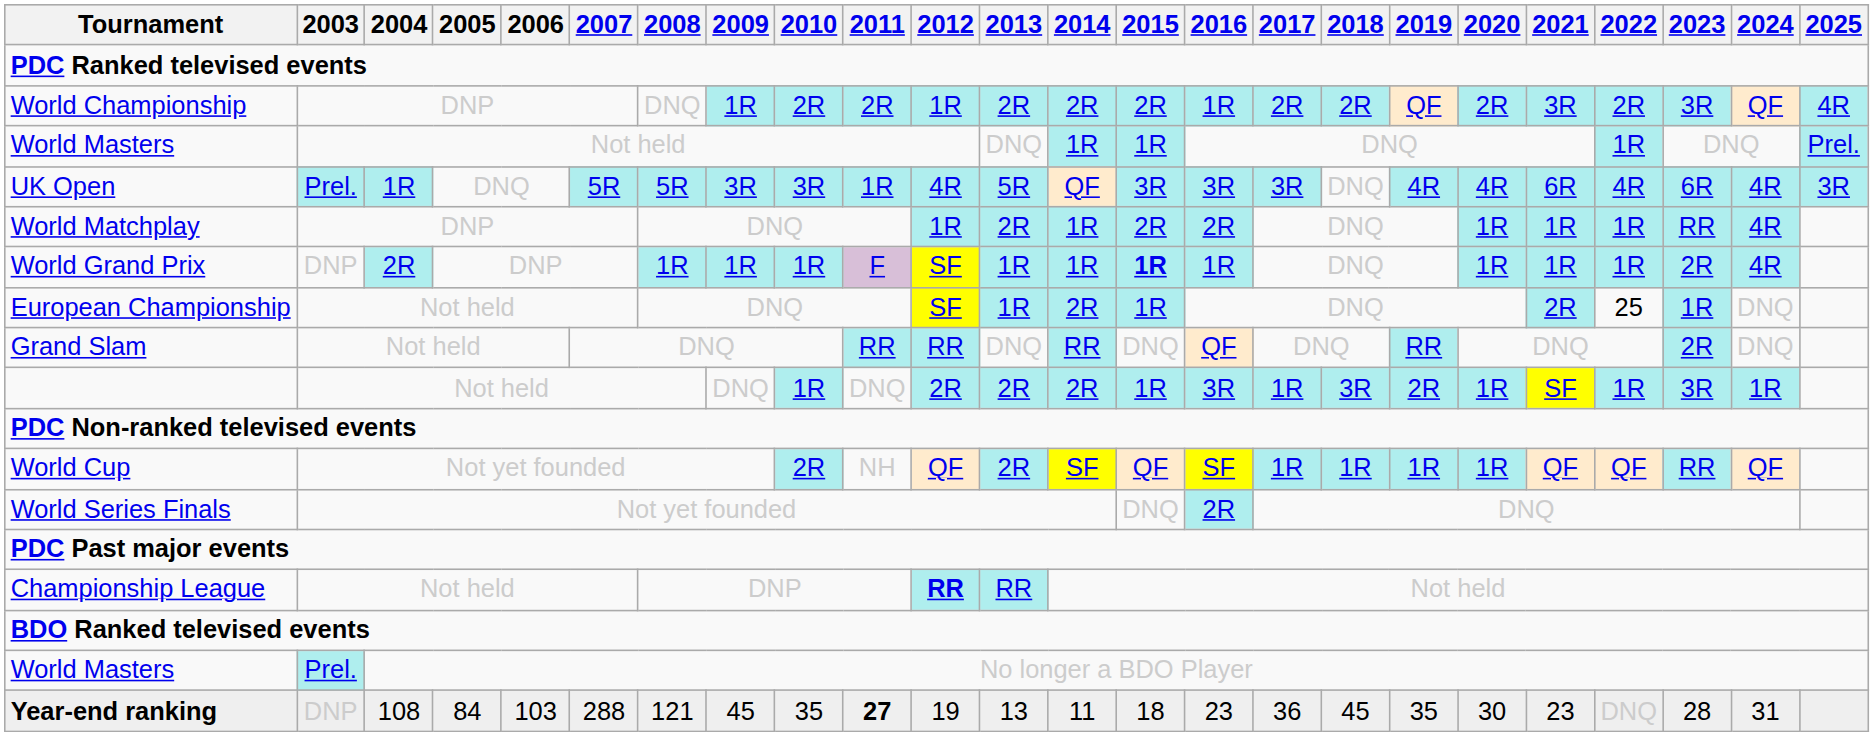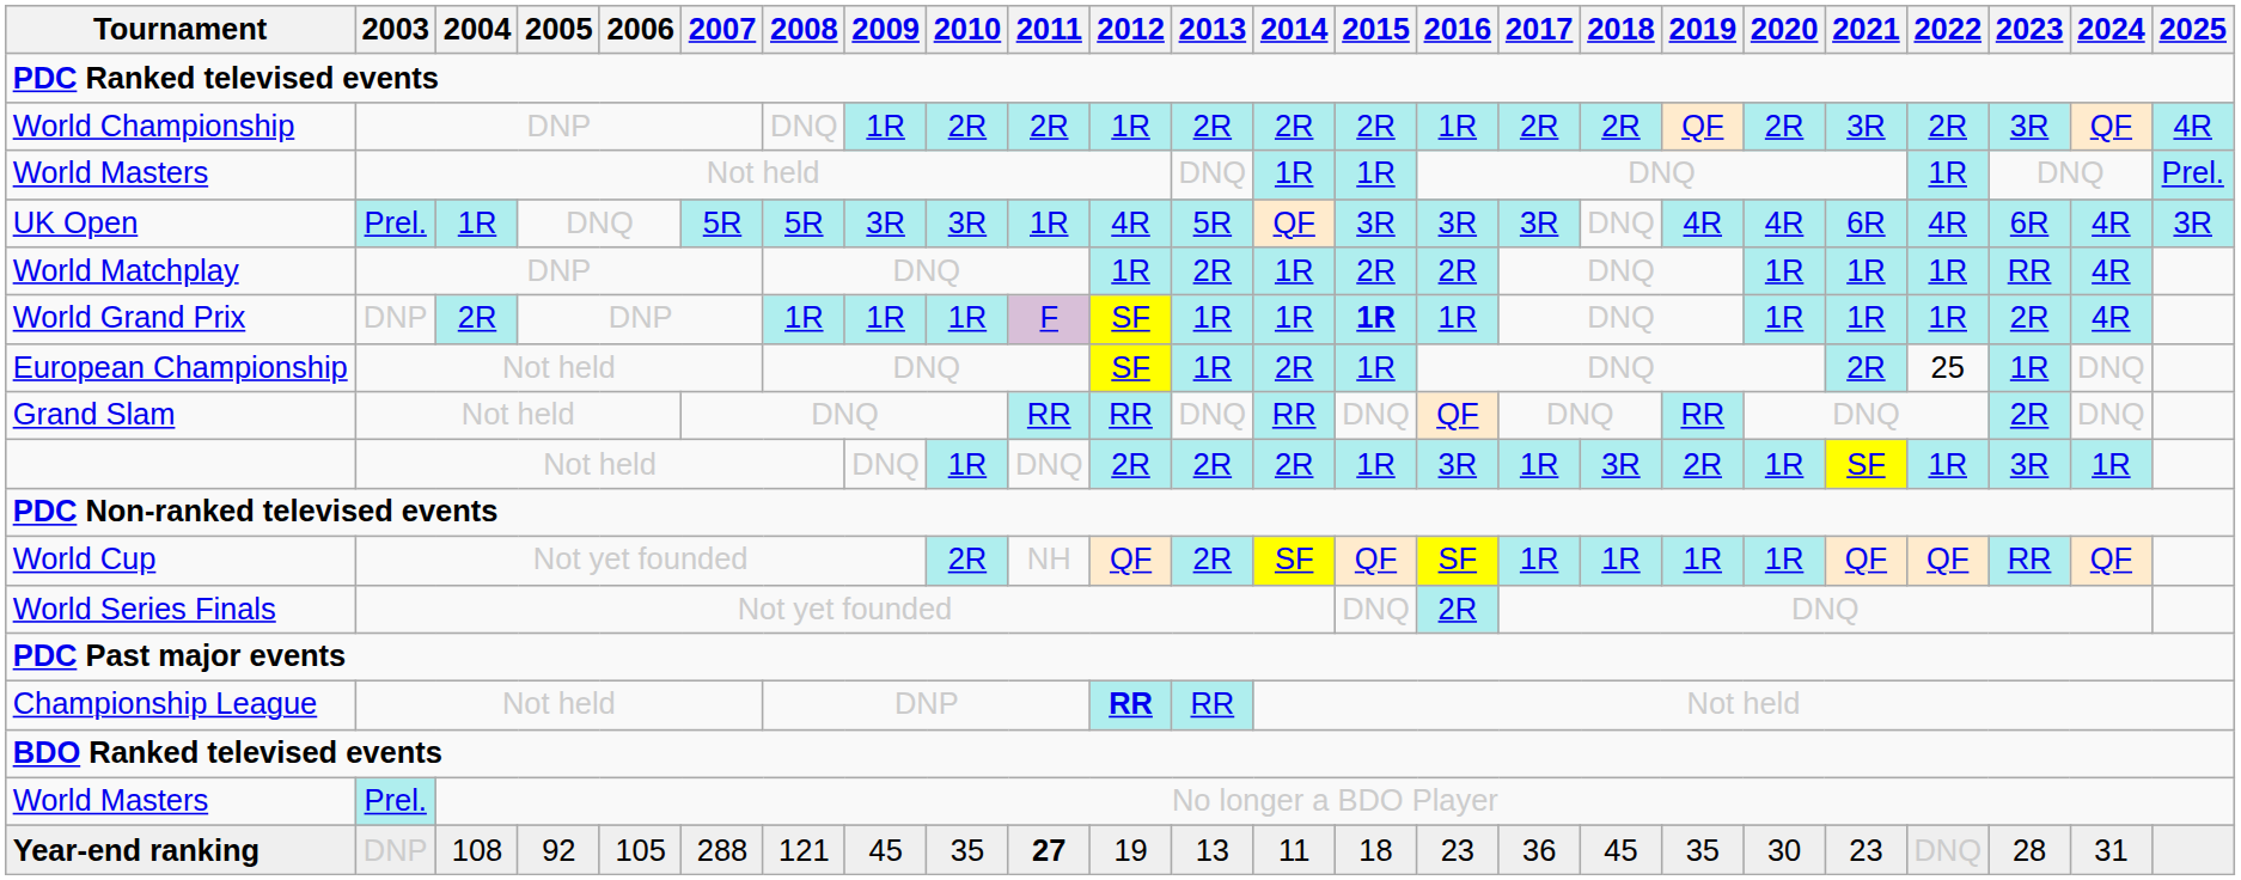 <table class=wikitable style=text-align:center;font-size:100%>
 <tr>
 <th>Tournament</th>
 <th>2003</th>
 <th>2004</th>
 <th>2005</th>
 <th>2006</th>
 <th><a href='#'>2007</a></th>
 <th><a href='#'>2008</a></th>
 <th><a href='#'>2009</a></th>
 <th><a href='#'>2010</a></th>
 <th><a href='#'>2011</a></th>
 <th><a href='#'>2012</a></th>
 <th><a href='#'>2013</a></th>
 <th><a href='#'>2014</a></th>
 <th><a href='#'>2015</a></th>
 <th><a href='#'>2016</a></th>
 <th><a href='#'>2017</a></th>
 <th><a href='#'>2018</a></th>
 <th><a href='#'>2019</a></th>
 <th><a href='#'>2020</a></th>
 <th><a href='#'>2021</a></th>
 <th><a href='#'>2022</a></th>
 <th><a href='#'>2023</a></th>
 <th><a href='#'>2024</a></th>
 <th><a href='#'>2025</a></th>
 </tr>
 <tr>
 <td colspan="33" align="left"><strong><a href='#'>PDC</a> Ranked televised events</strong></td>
 </tr>
 <tr>
 <td align=left><a href='#'>World Championship</a></td>
 <td colspan="5" style="text-align:center; color:#ccc;">DNP</td>
 <td style="text-align:center; color:#ccc;">DNQ</td>
 <td style="text-align:center; background:#afeeee;"><a href='#'>1R</a></td>
 <td style="text-align:center; background:#afeeee;"><a href='#'>2R</a></td>
 <td style="text-align:center; background:#afeeee;"><a href='#'>2R</a></td>
 <td style="text-align:center; background:#afeeee;"><a href='#'>1R</a></td>
 <td style="text-align:center; background:#afeeee;"><a href='#'>2R</a></td>
 <td style="text-align:center; background:#afeeee;"><a href='#'>2R</a></td>
 <td style="text-align:center; background:#afeeee;"><a href='#'>2R</a></td>
 <td style="text-align:center; background:#afeeee;"><a href='#'>1R</a></td>
 <td style="text-align:center; background:#afeeee;"><a href='#'>2R</a></td>
 <td style="text-align:center; background:#afeeee;"><a href='#'>2R</a></td>
 <td style="text-align:center; background:#ffebcd;"><a href='#'>QF</a></td>
 <td style="text-align:center; background:#afeeee;"><a href='#'>2R</a></td>
 <td style="text-align:center; background:#afeeee;"><a href='#'>3R</a></td>
 <td style="text-align:center; background:#afeeee;"><a href='#'>2R</a></td>
 <td style="text-align:center; background:#afeeee;"><a href='#'>3R</a></td>
 <td style="text-align:center; background:#ffebcd;"><a href='#'>QF</a></td>
 <td style="text-align:center; background:#afeeee;"><a href='#'>4R</a></td>
 </tr>
 <tr>
 <td align=left><a href='#'>World Masters</a></td>
 <td colspan="10" style="text-align:center; color:#ccc;">Not held</td>
 <td style="text-align:center; color:#ccc;">DNQ</td>
 <td style="text-align:center; background:#afeeee;"><a href='#'>1R</a></td>
 <td style="text-align:center; background:#afeeee;"><a href='#'>1R</a></td>
 <td colspan="6" style="text-align:center; color:#ccc;">DNQ</td>
 <td style="text-align:center; background:#afeeee;"><a href='#'>1R</a></td>
 <td colspan="2" style="text-align:center; color:#ccc;">DNQ</td>
 <td style="text-align:center; background:#afeeee;"><a href='#'>Prel.</a></td>
 </tr>
 <tr>
 <td align=left><a href='#'>UK Open</a></td>
 <td style="text-align:center; background:#afeeee;"><a href='#'>Prel.</a></td>
 <td style="text-align:center; background:#afeeee;"><a href='#'>1R</a></td>
 <td colspan="2" style="text-align:center; color:#ccc;">DNQ</td>
 <td style="text-align:center; background:#afeeee;"><a href='#'>5R</a></td>
 <td style="text-align:center; background:#afeeee;"><a href='#'>5R</a></td>
 <td style="text-align:center; background:#afeeee;"><a href='#'>3R</a></td>
 <td style="text-align:center; background:#afeeee;"><a href='#'>3R</a></td>
 <td style="text-align:center; background:#afeeee;"><a href='#'>1R</a></td>
 <td style="text-align:center; background:#afeeee;"><a href='#'>4R</a></td>
 <td style="text-align:center; background:#afeeee;"><a href='#'>5R</a></td>
 <td style="text-align:center; background:#ffebcd;"><a href='#'>QF</a></td>
 <td style="text-align:center; background:#afeeee;"><a href='#'>3R</a></td>
 <td style="text-align:center; background:#afeeee;"><a href='#'>3R</a></td>
 <td style="text-align:center; background:#afeeee;"><a href='#'>3R</a></td>
 <td style="text-align:center; color:#ccc;">DNQ</td>
 <td style="text-align:center; background:#afeeee;"><a href='#'>4R</a></td>
 <td style="text-align:center; background:#afeeee;"><a href='#'>4R</a></td>
 <td style="text-align:center; background:#afeeee;"><a href='#'>6R</a></td>
 <td style="text-align:center; background:#afeeee;"><a href='#'>4R</a></td>
 <td style="text-align:center; background:#afeeee;"><a href='#'>6R</a></td>
 <td style="text-align:center; background:#afeeee;"><a href='#'>4R</a></td>
 <td style="text-align:center; background:#afeeee;"><a href='#'>3R</a></td>
 </tr>
 <tr>
 <td align=left><a href='#'>World Matchplay</a></td>
 <td colspan="5" style="text-align:center; color:#ccc;">DNP</td>
 <td colspan="4" style="text-align:center; color:#ccc;">DNQ</td>
 <td style="text-align:center; background:#afeeee;"><a href='#'>1R</a></td>
 <td style="text-align:center; background:#afeeee;"><a href='#'>2R</a></td>
 <td style="text-align:center; background:#afeeee;"><a href='#'>1R</a></td>
 <td style="text-align:center; background:#afeeee;"><a href='#'>2R</a></td>
 <td style="text-align:center; background:#afeeee;"><a href='#'>2R</a></td>
 <td colspan="3" style="text-align:center; color:#ccc;">DNQ</td>
 <td style="text-align:center; background:#afeeee;"><a href='#'>1R</a></td>
 <td style="text-align:center; background:#afeeee;"><a href='#'>1R</a></td>
 <td style="text-align:center; background:#afeeee;"><a href='#'>1R</a></td>
 <td style="text-align:center; background:#afeeee;"><a href='#'>RR</a></td>
 <td style="text-align:center; background:#afeeee;"><a href='#'>4R</a></td>
 <td></td>
 </tr>
 <tr>
 <td align=left><a href='#'>World Grand Prix</a></td>
 <td style="text-align:center; color:#ccc;">DNP</td>
 <td style="text-align:center; background:#afeeee;"><a href='#'>2R</a></td>
 <td colspan="3" style="text-align:center; color:#ccc;">DNP</td>
 <td style="text-align:center; background:#afeeee;"><a href='#'>1R</a></td>
 <td style="text-align:center; background:#afeeee;"><a href='#'>1R</a></td>
 <td style="text-align:center; background:#afeeee;"><a href='#'>1R</a></td>
 <td style="text-align:center; background:thistle;"><a href='#'>F</a></td>
 <td style="text-align:center; background:yellow;"><a href='#'>SF</a></td>
 <td style="text-align:center; background:#afeeee;"><a href='#'>1R</a></td>
 <td style="text-align:center; background:#afeeee;"><a href='#'>1R</a></td>
 <td style="text-align:center; background:#afeeee;"><strong><a href='#'>1R</a></strong></td>
 <td style="text-align:center; background:#afeeee;"><a href='#'>1R</a></td>
 <td colspan="3" style="text-align:center; color:#ccc;">DNQ</td>
 <td style="text-align:center; background:#afeeee;"><a href='#'>1R</a></td>
 <td style="text-align:center; background:#afeeee;"><a href='#'>1R</a></td>
 <td style="text-align:center; background:#afeeee;"><a href='#'>1R</a></td>
 <td style="text-align:center; background:#afeeee;"><a href='#'>2R</a></td>
 <td style="text-align:center; background:#afeeee;"><a href='#'>4R</a></td>
 <td></td>
 </tr>
 <tr>
 <td align=left><a href='#'>European Championship</a></td>
 <td colspan="5" style="text-align:center; color:#ccc;">Not held</td>
 <td colspan="4" style="text-align:center; color:#ccc;">DNQ</td>
 <td style="text-align:center; background:yellow;"><a href='#'>SF</a></td>
 <td style="text-align:center; background:#afeeee;"><a href='#'>1R</a></td>
 <td style="text-align:center; background:#afeeee;"><a href='#'>2R</a></td>
 <td style="text-align:center; background:#afeeee;"><a href='#'>1R</a></td>
 <td colspan="5" style="text-align:center; color:#ccc;">DNQ</td>
 <td style="text-align:center; background:#afeeee;"><a href='#'>2R</a></td>
 <td style="text-align:center;">25</td>
 <td style="text-align:center; background:#afeeee;"><a href='#'>1R</a></td>
 <td style="text-align:center; color:#ccc;">DNQ</td>
 <td></td>
 </tr>
 <tr>
 <td align=left><a href='#'>Grand Slam</a></td>
 <td colspan="4" style="text-align:center; color:#ccc;">Not held</td>
 <td colspan="4" style="text-align:center; color:#ccc;">DNQ</td>
 <td style="text-align:center; background:#afeeee;"><a href='#'>RR</a></td>
 <td style="text-align:center; background:#afeeee;"><a href='#'>RR</a></td>
 <td style="text-align:center; color:#ccc;">DNQ</td>
 <td style="text-align:center; background:#afeeee;"><a href='#'>RR</a></td>
 <td style="text-align:center; color:#ccc;">DNQ</td>
 <td style="text-align:center; background:#ffebcd;"><a href='#'>QF</a></td>
 <td colspan="2" style="text-align:center; color:#ccc;">DNQ</td>
 <td style="text-align:center; background:#afeeee;"><a href='#'>RR</a></td>
 <td colspan="3" style="text-align:center; color:#ccc;">DNQ</td>
 <td style="text-align:center; background:#afeeee;"><a href='#'>2R</a></td>
 <td style="text-align:center; color:#ccc;">DNQ</td>
 <td></td>
 </tr>
 <tr>
 <td align=left></td>
 <td colspan="6" style="text-align:center; color:#ccc;">Not held</td>
 <td style="text-align:center; color:#ccc;">DNQ</td>
 <td style="text-align:center; background:#afeeee;"><a href='#'>1R</a></td>
 <td style="text-align:center; color:#ccc;">DNQ</td>
 <td style="text-align:center; background:#afeeee;"><a href='#'>2R</a></td>
 <td style="text-align:center; background:#afeeee;"><a href='#'>2R</a></td>
 <td style="text-align:center; background:#afeeee;"><a href='#'>2R</a></td>
 <td style="text-align:center; background:#afeeee;"><a href='#'>1R</a></td>
 <td style="text-align:center; background:#afeeee;"><a href='#'>3R</a></td>
 <td style="text-align:center; background:#afeeee;"><a href='#'>1R</a></td>
 <td style="text-align:center; background:#afeeee;"><a href='#'>3R</a></td>
 <td style="text-align:center; background:#afeeee;"><a href='#'>2R</a></td>
 <td style="text-align:center; background:#afeeee;"><a href='#'>1R</a></td>
 <td style="text-align:center; background:yellow;"><a href='#'>SF</a></td>
 <td style="text-align:center; background:#afeeee;"><a href='#'>1R</a></td>
 <td style="text-align:center; background:#afeeee;"><a href='#'>3R</a></td>
 <td style="text-align:center; background:#afeeee;"><a href='#'>1R</a></td>
 <td></td>
 </tr>
 <tr>
 <td colspan="34" align="left"><strong><a href='#'>PDC</a> Non-ranked televised events</strong></td>
 </tr>
 <tr>
 <td align=left><a href='#'>World Cup</a></td>
 <td colspan="7" style="text-align:center; color:#ccc;">Not yet founded</td>
 <td style="text-align:center; background:#afeeee;"><a href='#'>2R</a></td>
 <td style="text-align:center; color:#ccc;">NH</td>
 <td style="text-align:center; background:#ffebcd;"><a href='#'>QF</a></td>
 <td style="text-align:center; background:#afeeee;"><a href='#'>2R</a></td>
 <td style="text-align:center; background:yellow;"><a href='#'>SF</a></td>
 <td style="text-align:center; background:#ffebcd;"><a href='#'>QF</a></td>
 <td style="text-align:center; background:yellow;"><a href='#'>SF</a></td>
 <td style="text-align:center; background:#afeeee;"><a href='#'>1R</a></td>
 <td style="text-align:center; background:#afeeee;"><a href='#'>1R</a></td>
 <td style="text-align:center; background:#afeeee;"><a href='#'>1R</a></td>
 <td style="text-align:center; background:#afeeee;"><a href='#'>1R</a></td>
 <td style="text-align:center; background:#ffebcd;"><a href='#'>QF</a></td>
 <td style="text-align:center; background:#ffebcd;"><a href='#'>QF</a></td>
 <td style="text-align:center; background:#afeeee;"><a href='#'>RR</a></td>
 <td style="text-align:center; background:#ffebcd;"><a href='#'>QF</a></td>
 <td></td>
 </tr>
 <tr>
 <td align=left><a href='#'>World Series Finals</a></td>
 <td colspan="12" style="text-align:center; color:#ccc;">Not yet founded</td>
 <td style="text-align:center; color:#ccc;">DNQ</td>
 <td style="text-align:center; background:#afeeee;"><a href='#'>2R</a></td>
 <td colspan="8" style="text-align:center; color:#ccc;">DNQ</td>
 <td></td>
 </tr>
 <tr>
 <td colspan="35" align="left"><strong><a href='#'>PDC</a> Past major events</strong></td>
 </tr>
 <tr>
 <td align=left><a href='#'>Championship League</a></td>
 <td colspan="5" style="text-align:center; color:#ccc;">Not held</td>
 <td colspan="4"  style="text-align:center; color:#ccc;">DNP</td>
 <td style="text-align:center; background:#afeeee;"><strong><a href='#'>RR</a></strong></td>
 <td style="text-align:center; background:#afeeee;"><a href='#'>RR</a></td>
 <td colspan="12" style="text-align:center; color:#ccc;">Not held</td>
 </tr>
 <tr>
 <td colspan="35" align="left"><strong><a href='#'>BDO</a> Ranked televised events</strong></td>
 </tr>
 <tr>
 <td align=left><a href='#'>World Masters</a></td>
 <td style="text-align:center; background:#afeeee;"><a href='#'>Prel.</a></td>
 <td colspan="22" style="text-align:center; color:#ccc;">No longer a BDO Player</td>
 </tr>
 <tr bgcolor="efefef">
 <td align="left"><strong>Year-end ranking</strong></td>
 <td style="text-align:center; color:#ccc;">DNP</td>
 <td style="text-align:center;">108</td>
-<td style="text-align:center;">84</td>
-<td style="text-align:center;">103</td>
+<td style="text-align:center;">92</td>
+<td style="text-align:center;">105</td>
 <td style="text-align:center;">288</td>
 <td style="text-align:center;">121</td>
 <td style="text-align:center;">45</td>
 <td style="text-align:center;">35</td>
 <td style="text-align:center;"><strong>27</strong></td>
 <td style="text-align:center;">19</td>
 <td style="text-align:center;">13</td>
 <td style="text-align:center;">11</td>
 <td style="text-align:center;">18</td>
 <td style="text-align:center;">23</td>
 <td style="text-align:center;">36</td>
 <td style="text-align:center;">45</td>
 <td style="text-align:center;">35</td>
 <td style="text-align:center;">30</td>
 <td style="text-align:center;">23</td>
 <td style="text-align:center; color:#ccc;">DNQ</td>
 <td style="text-align:center;">28</td>
 <td style="text-align:center;">31</td>
 <td></td>
 </tr>
 </table>
